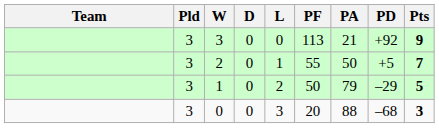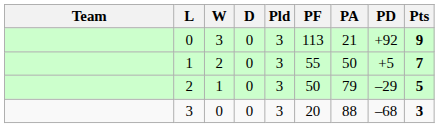 <table class="wikitable" style="text-align:center;">
 <tr>
 <th width=175>Team</th>
-<th width=25 abbr="Played">Pld</th>
+<th width=25 abbr="Lost">L</th>
 <th width=25 abbr="Won">W</th>
 <th width=25 abbr="Drawn">D</th>
-<th width=25 abbr="Lost">L</th>
+<th width=25 abbr="Played">Pld</th>
 <th width=32 abbr="Points for">PF</th>
 <th width=32 abbr="Points against">PA</th>
 <th width=32 abbr="Points difference">PD</th>
 <th width=25 abbr="Points">Pts</th>
 </tr>
 <tr bgcolor=ccffcc>
 <td align=left></td>
-<td>3</td>
+<td>0</td>
 <td>3</td>
 <td>0</td>
-<td>0</td>
+<td>3</td>
 <td>113</td>
 <td>21</td>
 <td>+92</td>
 <td><strong>9</strong></td>
 </tr>
 <tr bgcolor=ccffcc>
 <td align=left></td>
-<td>3</td>
+<td>1</td>
 <td>2</td>
 <td>0</td>
-<td>1</td>
+<td>3</td>
 <td>55</td>
 <td>50</td>
 <td>+5</td>
 <td><strong>7</strong></td>
 </tr>
 <tr bgcolor=ccffcc>
 <td align=left></td>
-<td>3</td>
+<td>2</td>
 <td>1</td>
 <td>0</td>
-<td>2</td>
+<td>3</td>
 <td>50</td>
 <td>79</td>
 <td>–29</td>
 <td><strong>5</strong></td>
 </tr>
 <tr>
 <td align=left></td>
 <td>3</td>
 <td>0</td>
 <td>0</td>
 <td>3</td>
 <td>20</td>
 <td>88</td>
 <td>–68</td>
 <td><strong>3</strong></td>
 </tr>
 </table>
